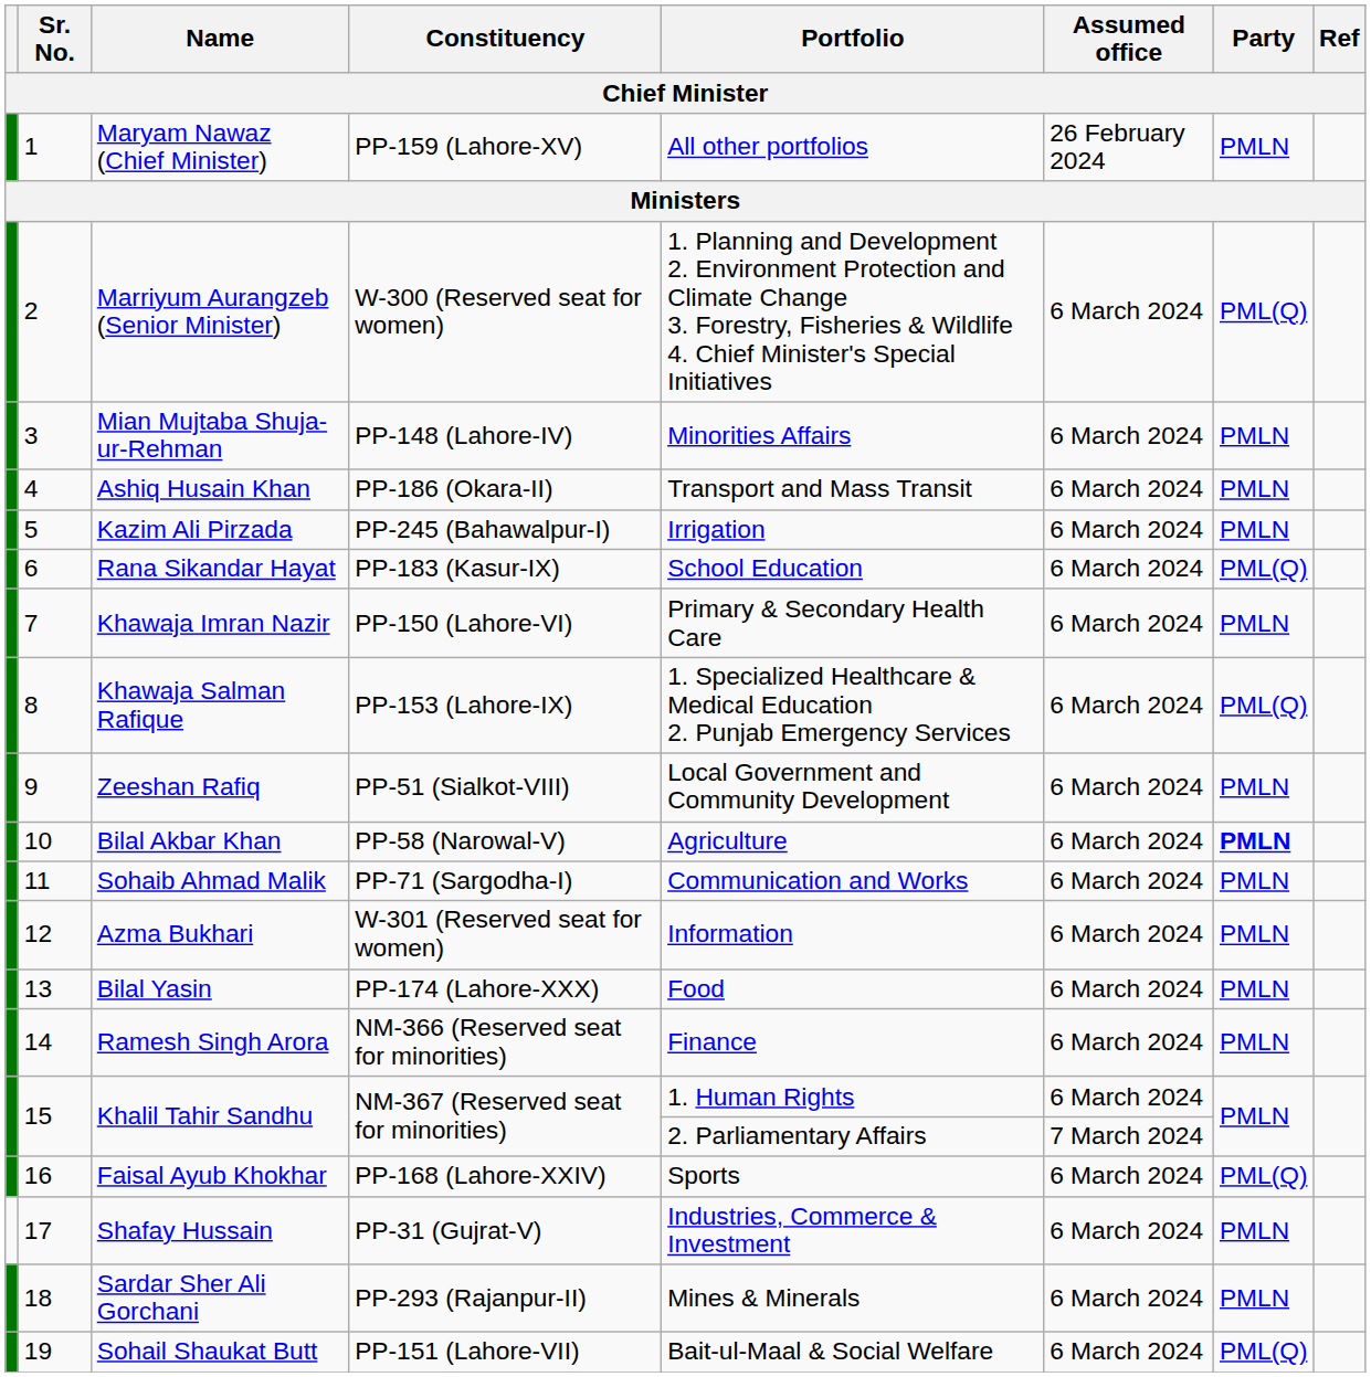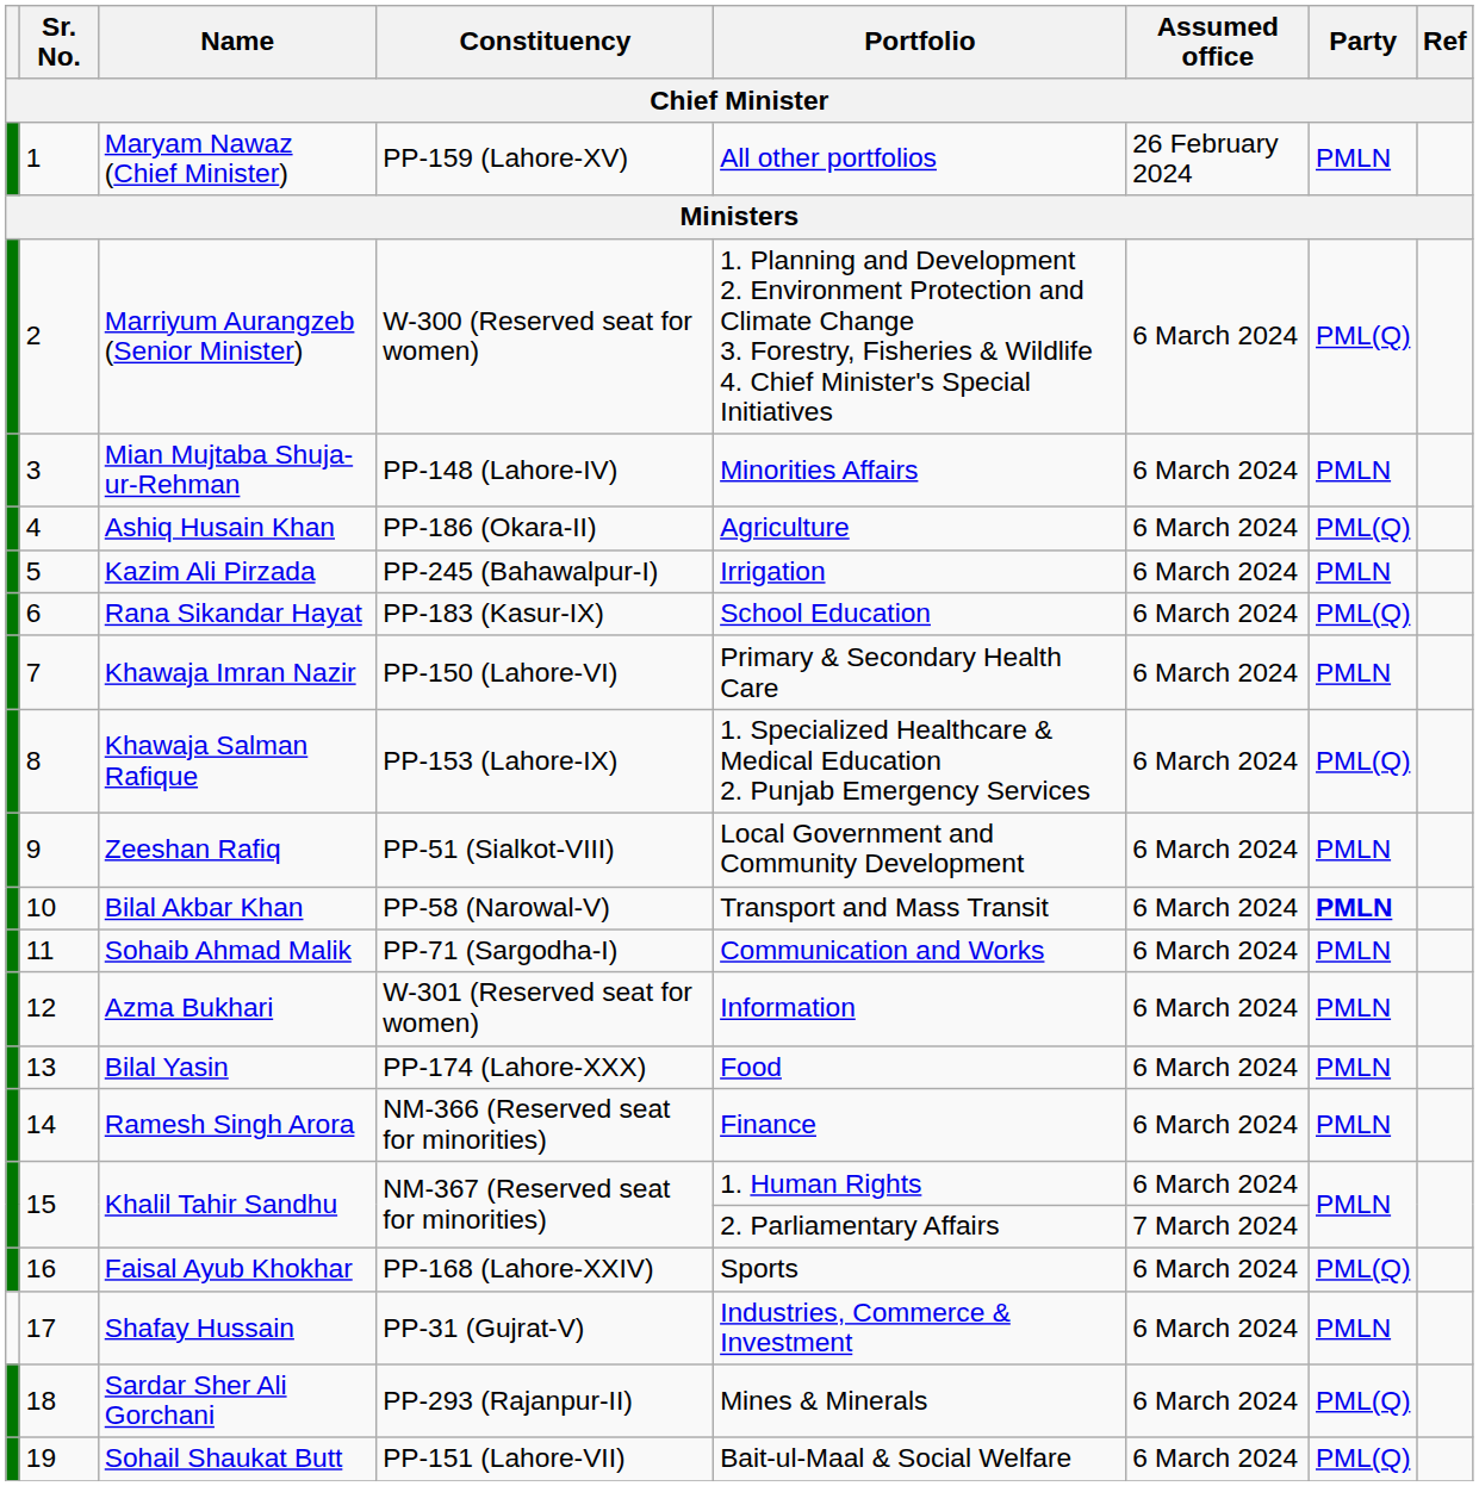 <table class="wikitable sortable">
 <tr>
 <th></th>
 <th>Sr. No.</th>
 <th>Name</th>
 <th>Constituency</th>
 <th>Portfolio</th>
 <th>Assumed office</th>
 <th>Party</th>
 <th>Ref</th>
 </tr>
 <tr>
 <th colspan="8">Chief Minister</th>
 </tr>
 <tr>
 <td style="width:1px;; background:#070;"></td>
 <td>1</td>
 <td><a href='#'>Maryam Nawaz</a><br>(<a href='#'>Chief Minister</a>)</td>
 <td>PP-159 (Lahore-XV)</td>
 <td><a href='#'>All other portfolios</a></td>
 <td>26 February 2024</td>
 <td><a href='#'>PMLN</a></td>
 <td></td>
 </tr>
 <tr>
 <th colspan="8">Ministers</th>
 </tr>
 <tr>
 <td style="width:1px;; background:#070;"></td>
 <td>2</td>
 <td><a href='#'>Marriyum Aurangzeb</a><br>(<a href='#'>Senior Minister</a>)</td>
 <td>W-300 (Reserved seat for women)</td>
 <td>1. Planning and Development <br>2. Environment Protection and Climate Change<br>3. Forestry, Fisheries & Wildlife <br>4. Chief Minister's Special Initiatives</td>
 <td>6 March 2024</td>
 <td><a href='#'>PML(Q)</a></td>
 <td></td>
 </tr>
 <tr>
 <td style="width:1px;; background:#070;"></td>
 <td>3</td>
 <td><a href='#'>Mian Mujtaba Shuja-ur-Rehman</a></td>
 <td>PP-148 (Lahore-IV)</td>
 <td><a href='#'>Minorities Affairs</a></td>
 <td>6 March 2024</td>
 <td><a href='#'>PMLN</a></td>
 <td></td>
 </tr>
 <tr>
 <td style="width:1px;; background:#070;"></td>
 <td>4</td>
 <td><a href='#'>Ashiq Husain Khan</a></td>
 <td>PP-186 (Okara-II)</td>
-<td>Transport and Mass Transit</td>
+<td><a href='#'>Agriculture</a></td>
 <td>6 March 2024</td>
-<td><a href='#'>PMLN</a></td>
+<td><a href='#'>PML(Q)</a></td>
 <td></td>
 </tr>
 <tr>
 <td style="width:1px;; background:#070;"></td>
 <td>5</td>
 <td><a href='#'>Kazim Ali Pirzada</a></td>
 <td>PP-245 (Bahawalpur-I)</td>
 <td><a href='#'>Irrigation</a></td>
 <td>6 March 2024</td>
 <td><a href='#'>PMLN</a></td>
 <td></td>
 </tr>
 <tr>
 <td style="width:1px;; background:#070;"></td>
 <td>6</td>
 <td><a href='#'>Rana Sikandar Hayat</a></td>
 <td>PP-183 (Kasur-IX)</td>
 <td><a href='#'>School Education</a></td>
 <td>6 March 2024</td>
 <td><a href='#'>PML(Q)</a></td>
 <td></td>
 </tr>
 <tr>
 <td style="width:1px;; background:#070;"></td>
 <td>7</td>
 <td><a href='#'>Khawaja Imran Nazir</a></td>
 <td>PP-150 (Lahore-VI)</td>
 <td>Primary & Secondary Health Care</td>
 <td>6 March 2024</td>
 <td><a href='#'>PMLN</a></td>
 <td></td>
 </tr>
 <tr>
 <td style="width:1px;; background:#070;"></td>
 <td>8</td>
 <td><a href='#'>Khawaja Salman Rafique</a></td>
 <td>PP-153 (Lahore-IX)</td>
 <td>1. Specialized Healthcare & Medical Education<br>2. Punjab Emergency Services</td>
 <td>6 March 2024</td>
 <td><a href='#'>PML(Q)</a></td>
 <td></td>
 </tr>
 <tr>
 <td style="width:1px;; background:#070;"></td>
 <td>9</td>
 <td><a href='#'>Zeeshan Rafiq</a></td>
 <td>PP-51 (Sialkot-VIII)</td>
 <td>Local Government and Community Development</td>
 <td>6 March 2024</td>
 <td><a href='#'>PMLN</a></td>
 <td></td>
 </tr>
 <tr>
 <td style="width:1px;; background:#070;"></td>
 <td>10</td>
 <td><a href='#'>Bilal Akbar Khan</a></td>
 <td>PP-58 (Narowal-V)</td>
-<td><a href='#'>Agriculture</a></td>
+<td>Transport and Mass Transit</td>
 <td>6 March 2024</td>
 <td><strong><a href='#'>PMLN</a></strong></td>
 <td></td>
 </tr>
 <tr>
 <td style="width:1px;; background:#070;"></td>
 <td>11</td>
 <td><a href='#'>Sohaib Ahmad Malik</a></td>
 <td>PP-71 (Sargodha-I)</td>
 <td><a href='#'>Communication and Works</a></td>
 <td>6 March 2024</td>
 <td><a href='#'>PMLN</a></td>
 <td></td>
 </tr>
 <tr>
 <td style="width:1px;; background:#070;"></td>
 <td>12</td>
 <td><a href='#'>Azma Bukhari</a></td>
 <td>W-301 (Reserved seat for women)</td>
 <td><a href='#'>Information</a></td>
 <td>6 March 2024</td>
 <td><a href='#'>PMLN</a></td>
 <td></td>
 </tr>
 <tr>
 <td style="width:1px;; background:#070;"></td>
 <td>13</td>
 <td><a href='#'>Bilal Yasin</a></td>
 <td>PP-174 (Lahore-XXX)</td>
 <td><a href='#'>Food</a></td>
 <td>6 March 2024</td>
 <td><a href='#'>PMLN</a></td>
 <td></td>
 </tr>
 <tr>
 <td style="width:1px;; background:#070;"></td>
 <td>14</td>
 <td><a href='#'>Ramesh Singh Arora</a></td>
 <td>NM-366 (Reserved seat for minorities)</td>
 <td><a href='#'>Finance</a></td>
 <td>6 March 2024</td>
 <td><a href='#'>PMLN</a></td>
 <td></td>
 </tr>
 <tr>
 <td rowspan="2" style="width:1px;; background:#070;"></td>
 <td rowspan="2">15</td>
 <td rowspan="2"><a href='#'>Khalil Tahir Sandhu</a></td>
 <td rowspan="2">NM-367 (Reserved seat for minorities)</td>
 <td>1. <a href='#'>Human Rights</a></td>
 <td>6 March 2024</td>
 <td rowspan="2"><a href='#'>PMLN</a></td>
 <td rowspan="2"></td>
 </tr>
 <tr>
 <td>2. Parliamentary Affairs</td>
 <td>7 March 2024</td>
 </tr>
 <tr>
 <td style="width:1px;; background:#070;"></td>
 <td>16</td>
 <td><a href='#'>Faisal Ayub Khokhar</a></td>
 <td>PP-168 (Lahore-XXIV)</td>
 <td>Sports</td>
 <td>6 March 2024</td>
 <td><a href='#'>PML(Q)</a></td>
 <td></td>
 </tr>
 <tr>
 <td style="width:1px;; background:"></td>
 <td>17</td>
 <td><a href='#'>Shafay Hussain</a></td>
 <td>PP-31 (Gujrat-V)</td>
 <td><a href='#'>Industries, Commerce & Investment</a></td>
 <td>6 March 2024</td>
 <td><a href='#'>PMLN</a></td>
 <td></td>
 </tr>
 <tr>
 <td style="width:1px;; background:#070;"></td>
 <td>18</td>
 <td><a href='#'>Sardar Sher Ali Gorchani</a></td>
 <td>PP-293 (Rajanpur-II)</td>
 <td>Mines & Minerals</td>
 <td>6 March 2024</td>
-<td><a href='#'>PMLN</a></td>
+<td><a href='#'>PML(Q)</a></td>
 <td></td>
 </tr>
 <tr>
 <td style="width:1px;; background:#070;"></td>
 <td>19</td>
 <td><a href='#'>Sohail Shaukat Butt</a></td>
 <td>PP-151 (Lahore-VII)</td>
 <td>Bait-ul-Maal & Social Welfare</td>
 <td>6 March 2024</td>
 <td><a href='#'>PML(Q)</a></td>
 <td></td>
 </tr>
 </table>
